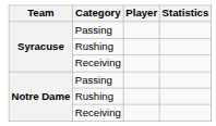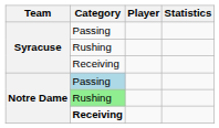 <table class="wikitable" style="float:right">
 <tr>
 <th>Team</th>
 <th>Category</th>
 <th>Player</th>
 <th>Statistics</th>
 </tr>
 <tr>
 <th rowspan=3>Syracuse</th>
 <td>Passing</td>
 <td></td>
 <td></td>
 </tr>
 <tr>
 <td>Rushing</td>
 <td></td>
 <td></td>
 </tr>
 <tr>
 <td>Receiving</td>
 <td></td>
 <td></td>
 </tr>
 <tr>
 <th rowspan=3>Notre Dame</th>
-<td>Passing</td>
+<td style="background: lightblue;">Passing</td>
 <td></td>
 <td></td>
 </tr>
 <tr>
-<td>Rushing</td>
+<td style="background: lightgreen;">Rushing</td>
 <td></td>
 <td></td>
 </tr>
 <tr>
-<td>Receiving</td>
+<td><strong>Receiving</strong></td>
 <td></td>
 <td></td>
 </tr>
 </table>
